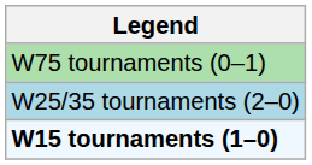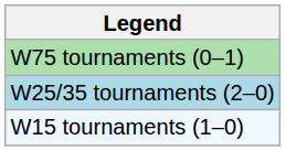 <table class=wikitable style="font-size:85%">
 <tr>
 <th>Legend</th>
 </tr>
 <tr style="background:#addfad;">
 <td>W75 tournaments (0–1)</td>
 </tr>
 <tr style="background:lightblue;">
 <td>W25/35 tournaments (2–0)</td>
 </tr>
 <tr style="background:#f0f8ff;">
-<td><strong>W15 tournaments (1–0)</strong></td>
+<td>W15 tournaments (1–0)</td>
 </tr>
 </table>
